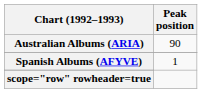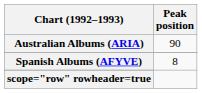 <table class="wikitable sortable plainrowheaders">
 <tr>
 <th>Chart (1992–1993)</th>
 <th>Peak<br>position</th>
 </tr>
 <tr>
 <th scope="row">Australian Albums (<a href='#'>ARIA</a>)</th>
 <td align="center">90</td>
 </tr>
 <tr>
 </tr>
 <tr>
 </tr>
 <tr>
 </tr>
 <tr>
 <th scope="row">Spanish Albums (<a href='#'>AFYVE</a>)</th>
-<td align="center">1</td>
+<td align="center">8</td>
 </tr>
 <tr>
 </tr>
 <tr>
 </tr>
 <tr>
 </tr>
 <tr>
 </tr>
 <tr>
 <th>scope="row" rowheader=true</th>
 </tr>
 </table>
